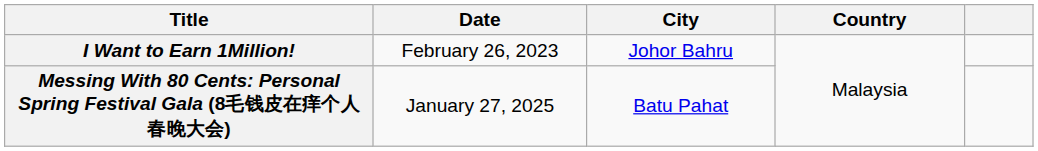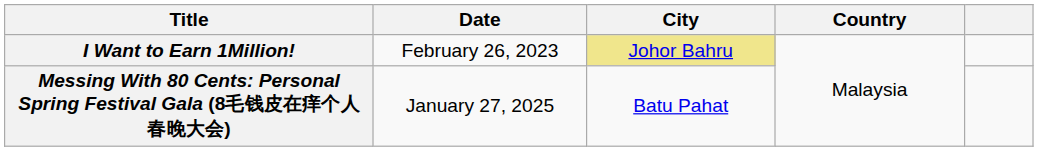 <table class="wikitable plainrowheaders" style="text-align:center;">
 <tr>
 <th scope="col" width="300">Title</th>
 <th scope="col" width="170">Date</th>
 <th scope="col" width="150">City</th>
 <th scope="col" width="150">Country</th>
 <th scope="col" width="50"></th>
 </tr>
 <tr>
 <th scope="row"><em>I Want to Earn 1Million!</em></th>
 <td>February 26, 2023</td>
-<td><a href='#'>Johor Bahru</a></td>
+<td style="background: khaki;"><a href='#'>Johor Bahru</a></td>
 <td rowspan="2">Malaysia</td>
 <td></td>
 </tr>
 <tr>
 <th scope="row"><em>Messing With 80 Cents: Personal Spring Festival Gala</em> (8毛钱皮在痒个人春晚大会)</th>
 <td>January 27, 2025</td>
 <td><a href='#'>Batu Pahat</a></td>
 <td></td>
 </tr>
 </table>
